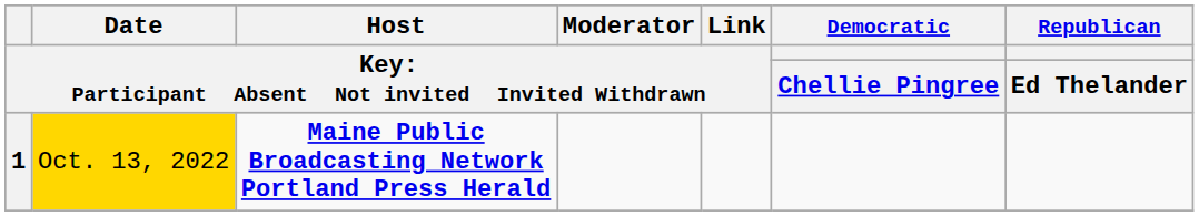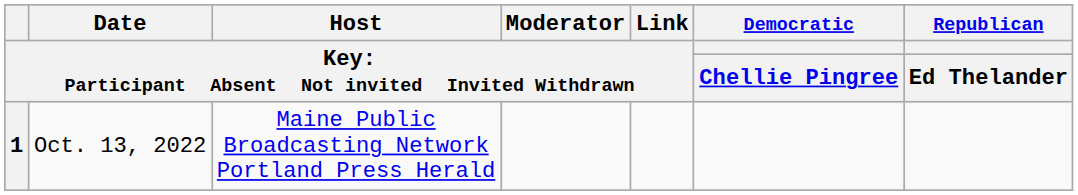 <table class="wikitable" style="text-align:center;">
 <tr>
 <th scope="col"></th>
 <th scope="col">Date</th>
 <th scope="col">Host</th>
 <th scope="col">Moderator</th>
 <th scope="col">Link</th>
 <th scope="col"><small><a href='#'>Democratic</a></small></th>
 <th scope="col"><small><a href='#'>Republican</a></small></th>
 </tr>
 <tr>
 <th colspan="5" rowspan="2">Key:<br> <small>Participant </small>  <small>Absent </small>  <small>Not invited </small>  <small>Invited  Withdrawn</small></th>
 <th scope="col" style="background:"></th>
 <th scope="col" style="background:"></th>
 </tr>
 <tr>
 <th scope="col"><a href='#'>Chellie Pingree</a></th>
 <th scope="col">Ed Thelander</th>
 </tr>
 <tr>
 <th>1</th>
-<td style="background: gold; white-space:nowrap;">Oct. 13, 2022</td>
-<td style="white-space:nowrap;"><strong><a href='#'>Maine Public</a><br><a href='#'>Broadcasting Network</a><br><a href='#'>Portland Press Herald</a></strong></td>
+<td style="white-space:nowrap;">Oct. 13, 2022</td>
+<td style="white-space:nowrap;"><a href='#'>Maine Public</a><br><a href='#'>Broadcasting Network</a><br><a href='#'>Portland Press Herald</a></td>
 <td style="white-space:nowrap;"></td>
 <td style="white-space:nowrap;"></td>
 <td></td>
 <td></td>
 </tr>
 </table>
